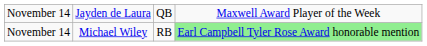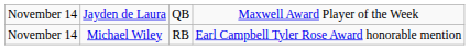 <table class="wikitable sortable sortable" style="text-align: center">
 <tr>
 <td>November 14</td>
 <td><a href='#'>Jayden de Laura</a></td>
 <td>QB</td>
 <td><a href='#'>Maxwell Award</a> Player of the Week</td>
 </tr>
 <tr>
 <td>November 14</td>
 <td><a href='#'>Michael Wiley</a></td>
 <td>RB</td>
-<td style="background: lightgreen;"><a href='#'>Earl Campbell Tyler Rose Award</a> honorable mention</td>
+<td><a href='#'>Earl Campbell Tyler Rose Award</a> honorable mention</td>
 </tr>
 </table>
